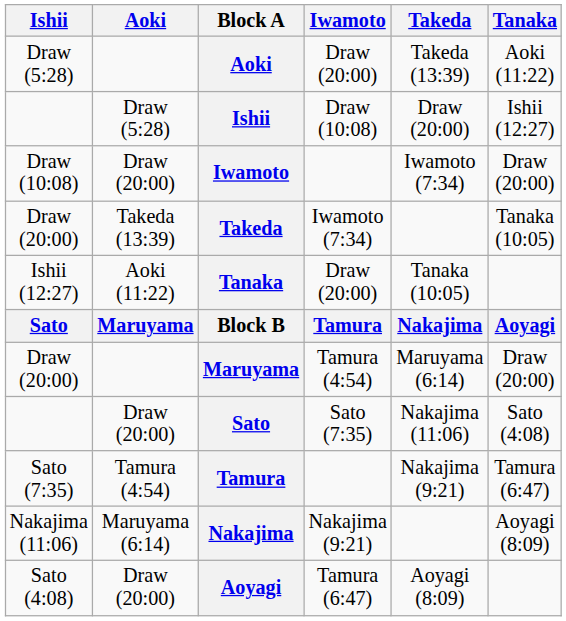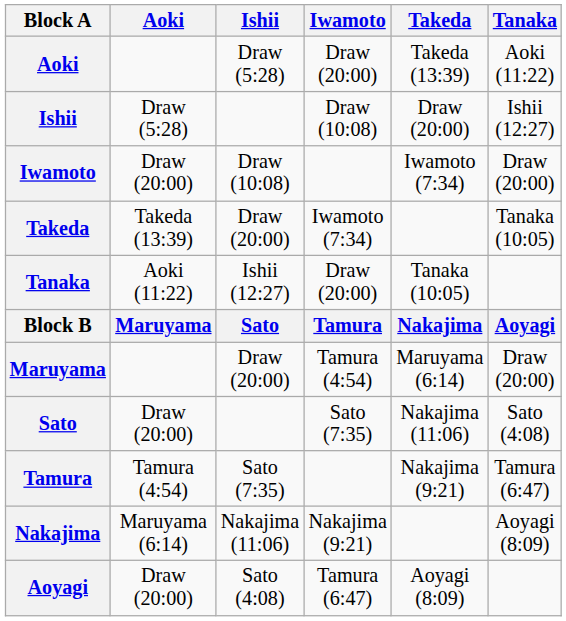 <table class="wikitable" style="margin: 1em auto 1em auto;text-align:center">
 <tr>
+<th>Block A</th>
+<th><a href='#'>Aoki</a></th>
 <th><a href='#'>Ishii</a></th>
-<th><a href='#'>Aoki</a></th>
-<th>Block A</th>
 <th><a href='#'>Iwamoto</a></th>
 <th><a href='#'>Takeda</a></th>
 <th><a href='#'>Tanaka</a></th>
 </tr>
 <tr>
+<th><a href='#'>Aoki</a></th>
+<td></td>
 <td>Draw<br>(5:28)</td>
-<td></td>
-<th><a href='#'>Aoki</a></th>
 <td>Draw<br>(20:00)</td>
 <td>Takeda<br>(13:39)</td>
 <td>Aoki<br>(11:22)</td>
 </tr>
 <tr>
+<th><a href='#'>Ishii</a></th>
+<td>Draw<br>(5:28)</td>
 <td></td>
-<td>Draw<br>(5:28)</td>
-<th><a href='#'>Ishii</a></th>
 <td>Draw<br>(10:08)</td>
 <td>Draw<br>(20:00)</td>
 <td>Ishii<br>(12:27)</td>
 </tr>
 <tr>
+<th><a href='#'>Iwamoto</a></th>
+<td>Draw<br>(20:00)</td>
 <td>Draw<br>(10:08)</td>
-<td>Draw<br>(20:00)</td>
-<th><a href='#'>Iwamoto</a></th>
 <td></td>
 <td>Iwamoto<br>(7:34)</td>
 <td>Draw<br>(20:00)</td>
 </tr>
 <tr>
+<th><a href='#'>Takeda</a></th>
+<td>Takeda<br>(13:39)</td>
 <td>Draw<br>(20:00)</td>
-<td>Takeda<br>(13:39)</td>
-<th><a href='#'>Takeda</a></th>
 <td>Iwamoto<br>(7:34)</td>
 <td></td>
 <td>Tanaka<br>(10:05)</td>
 </tr>
 <tr>
+<th><a href='#'>Tanaka</a></th>
+<td>Aoki<br>(11:22)</td>
 <td>Ishii<br>(12:27)</td>
-<td>Aoki<br>(11:22)</td>
-<th><a href='#'>Tanaka</a></th>
 <td>Draw<br>(20:00)</td>
 <td>Tanaka<br>(10:05)</td>
 <td></td>
 </tr>
 <tr>
+<th>Block B</th>
+<th><a href='#'>Maruyama</a></th>
 <th><a href='#'>Sato</a></th>
-<th><a href='#'>Maruyama</a></th>
-<th>Block B</th>
 <th><a href='#'>Tamura</a></th>
 <th><a href='#'>Nakajima</a></th>
 <th><a href='#'>Aoyagi</a></th>
 </tr>
 <tr>
+<th><a href='#'>Maruyama</a></th>
+<td></td>
 <td>Draw<br>(20:00)</td>
-<td></td>
-<th><a href='#'>Maruyama</a></th>
 <td>Tamura<br>(4:54)</td>
 <td>Maruyama<br>(6:14)</td>
 <td>Draw<br>(20:00)</td>
 </tr>
 <tr>
+<th><a href='#'>Sato</a></th>
+<td>Draw<br>(20:00)</td>
 <td></td>
-<td>Draw<br>(20:00)</td>
-<th><a href='#'>Sato</a></th>
 <td>Sato<br>(7:35)</td>
 <td>Nakajima<br>(11:06)</td>
 <td>Sato<br>(4:08)</td>
 </tr>
 <tr>
+<th><a href='#'>Tamura</a></th>
+<td>Tamura<br>(4:54)</td>
 <td>Sato<br>(7:35)</td>
-<td>Tamura<br>(4:54)</td>
-<th><a href='#'>Tamura</a></th>
 <td></td>
 <td>Nakajima<br>(9:21)</td>
 <td>Tamura<br>(6:47)</td>
 </tr>
 <tr>
+<th><a href='#'>Nakajima</a></th>
+<td>Maruyama<br>(6:14)</td>
 <td>Nakajima<br>(11:06)</td>
-<td>Maruyama<br>(6:14)</td>
-<th><a href='#'>Nakajima</a></th>
 <td>Nakajima<br>(9:21)</td>
 <td></td>
 <td>Aoyagi<br>(8:09)</td>
 </tr>
 <tr>
+<th><a href='#'>Aoyagi</a></th>
+<td>Draw<br>(20:00)</td>
 <td>Sato<br>(4:08)</td>
-<td>Draw<br>(20:00)</td>
-<th><a href='#'>Aoyagi</a></th>
 <td>Tamura<br>(6:47)</td>
 <td>Aoyagi<br>(8:09)</td>
 <td></td>
 </tr>
 </table>
